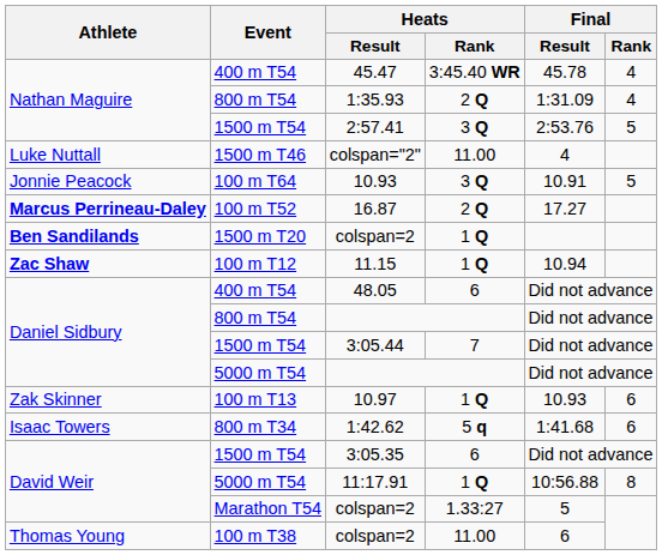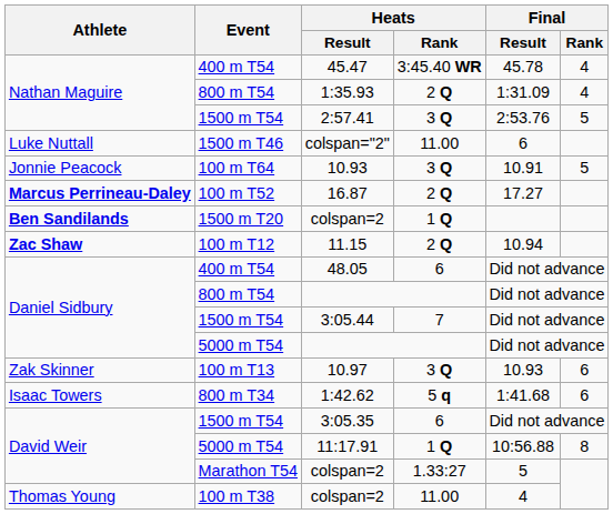 <table class="wikitable" style="font-size:90%">
 <tr>
 <th rowspan="2">Athlete</th>
 <th rowspan="2">Event</th>
 <th colspan="2">Heats</th>
 <th colspan="2">Final</th>
 </tr>
 <tr style="font-size:95%">
 <th>Result</th>
 <th>Rank</th>
 <th>Result</th>
 <th>Rank</th>
 </tr>
 <tr style="text-align:center">
 <td style="text-align:left" rowspan=3><a href='#'>Nathan Maguire</a></td>
 <td style="text-align:left"><a href='#'>400 m T54</a></td>
 <td>45.47</td>
 <td>3:45.40 <strong>WR</strong></td>
 <td>45.78</td>
 <td>4</td>
 </tr>
 <tr style="text-align:center">
 <td style="text-align:left"><a href='#'>800 m T54</a></td>
 <td>1:35.93</td>
 <td>2 <strong>Q</strong></td>
 <td>1:31.09</td>
 <td>4</td>
 </tr>
 <tr style="text-align:center">
 <td style="text-align:left"><a href='#'>1500 m T54</a></td>
 <td>2:57.41</td>
 <td>3 <strong>Q</strong></td>
 <td>2:53.76</td>
 <td>5</td>
 </tr>
 <tr style="text-align:center">
 <td style="text-align:left"><a href='#'>Luke Nuttall</a></td>
 <td style="text-align:left"><a href='#'>1500 m T46</a></td>
 <td>colspan="2" </td>
 <td>11.00</td>
-<td>4</td>
+<td>6</td>
 </tr>
 <tr style="text-align:center">
 <td style="text-align:left"><a href='#'>Jonnie Peacock</a></td>
 <td style="text-align:left"><a href='#'>100 m T64</a></td>
 <td>10.93</td>
 <td>3 <strong>Q</strong></td>
 <td>10.91</td>
 <td>5</td>
 </tr>
 <tr style="text-align:center">
 <td style="text-align:left"><strong><a href='#'>Marcus Perrineau-Daley</a></strong></td>
 <td style="text-align:left"><a href='#'>100 m T52</a></td>
 <td>16.87</td>
 <td>2 <strong>Q</strong></td>
 <td>17.27</td>
 <td></td>
 </tr>
 <tr style="text-align:center">
 <td style="text-align:left"><strong><a href='#'>Ben Sandilands</a></strong></td>
 <td style="text-align:left"><a href='#'>1500 m T20</a></td>
 <td>colspan=2 </td>
 <td>1 <strong>Q</strong></td>
 <td></td>
 </tr>
 <tr style="text-align:center">
 <td style="text-align:left"><strong><a href='#'>Zac Shaw</a></strong></td>
 <td style="text-align:left"><a href='#'>100 m T12</a></td>
 <td>11.15</td>
-<td>1 <strong>Q</strong></td>
+<td>2 <strong>Q</strong></td>
 <td>10.94</td>
 <td></td>
 </tr>
 <tr style="text-align:center">
 <td style="text-align:left" rowspan=4><a href='#'>Daniel Sidbury</a></td>
 <td style="text-align:left"><a href='#'>400 m T54</a></td>
 <td>48.05</td>
 <td>6</td>
 <td colspan=2>Did not advance</td>
 </tr>
 <tr style="text-align:center">
 <td style="text-align:left"><a href='#'>800 m T54</a></td>
 <td colspan=2></td>
 <td colspan=2>Did not advance</td>
 </tr>
 <tr style="text-align:center">
 <td style="text-align:left"><a href='#'>1500 m T54</a></td>
 <td>3:05.44</td>
 <td>7</td>
 <td colspan=2>Did not advance</td>
 </tr>
 <tr style="text-align:center">
 <td style="text-align:left"><a href='#'>5000 m T54</a></td>
 <td colspan="2"></td>
 <td colspan="2">Did not advance</td>
 </tr>
 <tr style="text-align:center">
 <td style="text-align:left"><a href='#'>Zak Skinner</a></td>
 <td style="text-align:left"><a href='#'>100 m T13</a></td>
 <td>10.97</td>
-<td>1 <strong>Q</strong></td>
+<td>3 <strong>Q</strong></td>
 <td>10.93</td>
 <td>6</td>
 </tr>
 <tr style="text-align:center">
 <td style="text-align:left"><a href='#'>Isaac Towers</a></td>
 <td style="text-align:left"><a href='#'>800 m T34</a></td>
 <td>1:42.62</td>
 <td>5 <strong>q</strong></td>
 <td>1:41.68</td>
 <td>6</td>
 </tr>
 <tr style="text-align:center">
 <td style="text-align:left" rowspan=3><a href='#'>David Weir</a></td>
 <td style="text-align:left"><a href='#'>1500 m T54</a></td>
 <td>3:05.35</td>
 <td>6</td>
 <td colspan=2>Did not advance</td>
 </tr>
 <tr style="text-align:center">
 <td style="text-align:left"><a href='#'>5000 m T54</a></td>
 <td>11:17.91</td>
 <td>1 <strong>Q</strong></td>
 <td>10:56.88</td>
 <td>8</td>
 </tr>
 <tr style="text-align:center">
 <td style="text-align:left"><a href='#'>Marathon T54</a></td>
 <td>colspan=2 </td>
 <td>1.33:27</td>
 <td>5</td>
 </tr>
 <tr style="text-align:center">
 <td style="text-align:left"><a href='#'>Thomas Young</a></td>
 <td style="text-align:left"><a href='#'>100 m T38</a></td>
 <td>colspan=2 </td>
 <td>11.00</td>
-<td>6</td>
+<td>4</td>
 </tr>
 </table>
